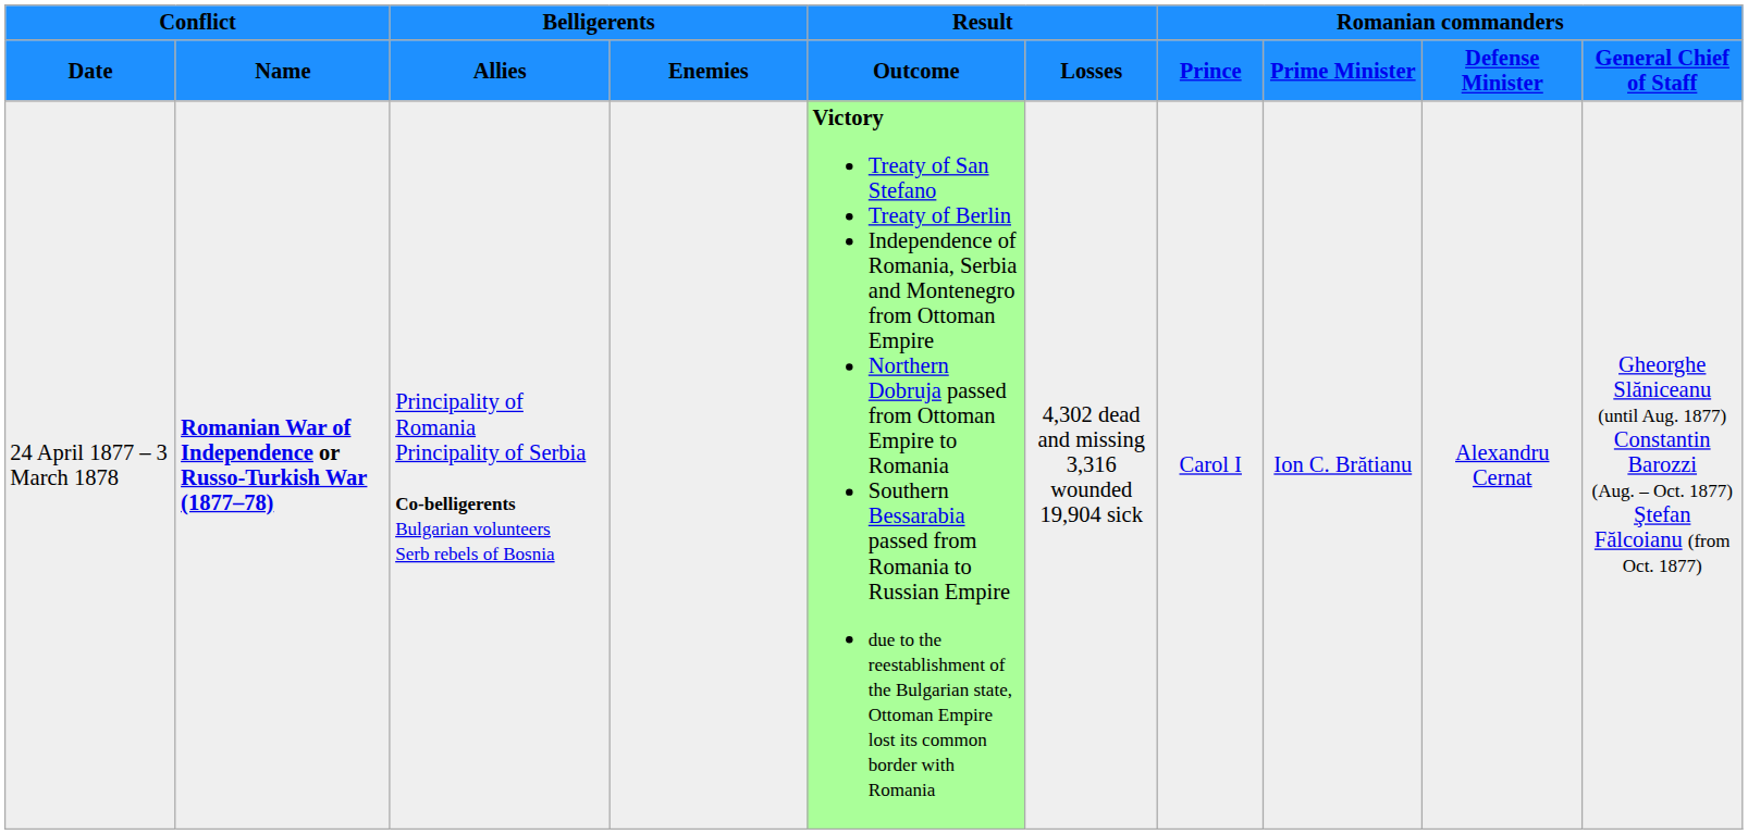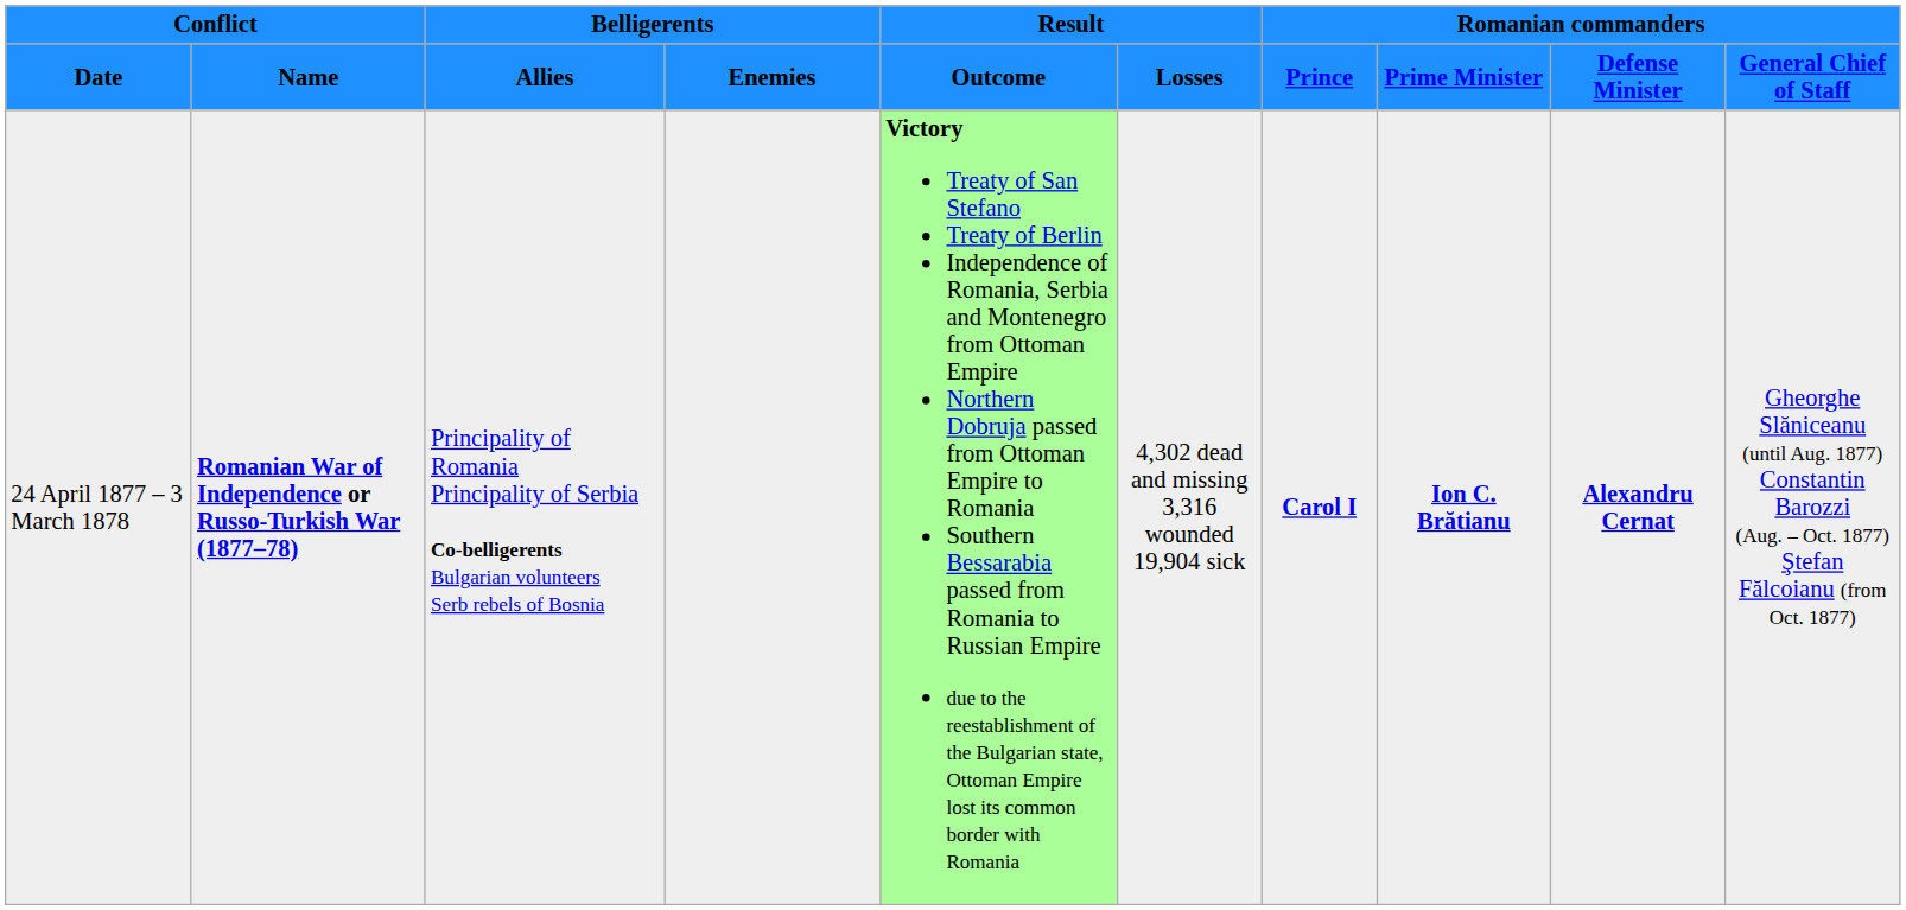 <table class="wikitable">
 <tr>
 <th colspan="2" style="background:#1e90ff"><span>Conflict</span></th>
 <th style="background:#1e90ff" colspan="2"><span>Belligerents</span></th>
 <th style="background:#1e90ff" colspan="2"><span>Result</span></th>
 <th style="background:#1e90ff" colspan="4"><span>Romanian commanders</span></th>
 </tr>
 <tr>
 <th style="background:#1e90ff" width=120px>Date</th>
 <th style="background:#1e90ff" width=150px>Name</th>
 <th style="background:#1e90ff" width=155px>Allies</th>
 <th style="background:#1e90ff" width=140px>Enemies</th>
 <th style="background:#1e90ff" width=150px>Outcome</th>
 <th style="background:#1e90ff" width=90px>Losses</th>
 <th style="background:#1e90ff" width=70px><a href='#'>Prince</a></th>
 <th style="background:#1e90ff" width=110px><a href='#'>Prime Minister</a></th>
 <th style="background:#1e90ff" width=110px><a href='#'>Defense Minister</a></th>
 <th style="background:#1e90ff" width=110px><a href='#'>General Chief of Staff</a></th>
 </tr>
 <tr>
 <td style="background:#efefef">24 April 1877 – 3 March 1878</td>
 <td style="background:#efefef"><strong><a href='#'>Romanian War of Independence</a> or <a href='#'>Russo-Turkish War (1877–78)</a></strong></td>
 <td style="background:#efefef"><br> <a href='#'>Principality of Romania</a><br> <a href='#'>Principality of Serbia</a><br><br><small><strong>Co-belligerents</strong><br> <a href='#'>Bulgarian volunteers</a><br><a href='#'>Serb rebels of Bosnia</a></small></td>
 <td style="background:#efefef"></td>
 <td style="background:#AF9"><strong>Victory</strong><br><ul><li><a href='#'>Treaty of San Stefano</a></li><li><a href='#'>Treaty of Berlin</a></li><li>Independence of Romania, Serbia and Montenegro from Ottoman Empire</li><li><a href='#'>Northern Dobruja</a> passed from Ottoman Empire to Romania</li><li>Southern <a href='#'>Bessarabia</a> passed from Romania to Russian Empire</li></ul><ul><li><small>due to the reestablishment of the Bulgarian state, Ottoman Empire lost its common border with Romania</small></li></ul></td>
 <td style="background:#efefef;text-align:center;">4,302 dead and missing<br>3,316 wounded<br>19,904 sick</td>
-<td style="background:#efefef;text-align:center;"><a href='#'>Carol I</a></td>
-<td style="background:#efefef;text-align:center;"><a href='#'>Ion C. Brătianu</a></td>
-<td style="background:#efefef;text-align:center;"><a href='#'>Alexandru Cernat</a></td>
+<td style="background:#efefef;text-align:center;"><strong><a href='#'>Carol I</a></strong></td>
+<td style="background:#efefef;text-align:center;"><strong><a href='#'>Ion C. Brătianu</a></strong></td>
+<td style="background:#efefef;text-align:center;"><strong><a href='#'>Alexandru Cernat</a></strong></td>
 <td style="background:#efefef;text-align:center;"><a href='#'>Gheorghe Slăniceanu</a> <br><small>(until Aug. 1877)</small><br><a href='#'>Constantin Barozzi</a> <br><small>(Aug. – Oct. 1877)</small><br><a href='#'>Ştefan Fălcoianu</a> <small>(from Oct. 1877)</small></td>
 </tr>
 </table>
